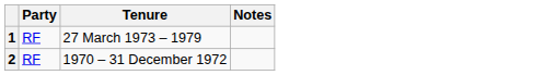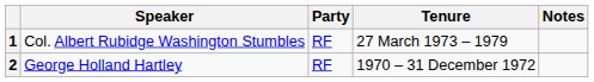 <table class="wikitable">
 <tr>
 <th></th>
+<th>Speaker</th>
 <th>Party</th>
 <th>Tenure</th>
 <th>Notes</th>
 </tr>
 <tr>
 <th style="background:">1</th>
+<td>Col. <a href='#'>Albert Rubidge Washington Stumbles</a></td>
 <td><a href='#'>RF</a></td>
 <td>27 March 1973 – 1979</td>
 <td></td>
 </tr>
 <tr>
 <th style="background:">2</th>
+<td><a href='#'>George Holland Hartley</a></td>
 <td><a href='#'>RF</a></td>
 <td>1970 – 31 December 1972</td>
 <td></td>
 </tr>
 </table>
